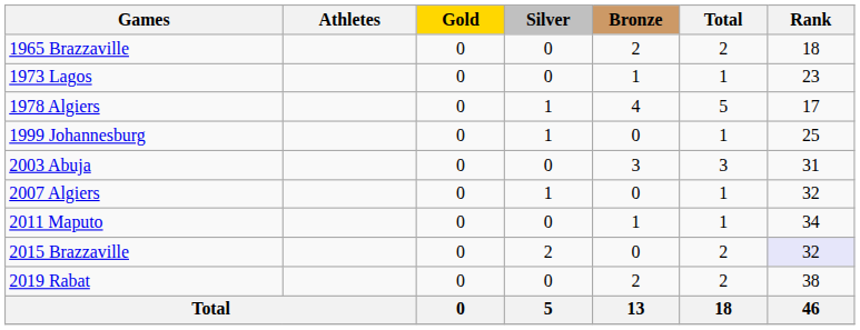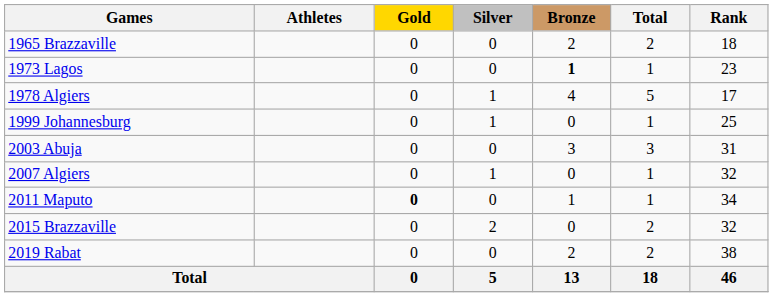 <table class="wikitable" width=55% style="font-size:90%; text-align:center;">
 <tr>
 <th>Games</th>
 <th>Athletes</th>
 <td style="background:gold; width:4.5em; font-weight:bold;">Gold</td>
 <td style="background:silver; width:4.5em; font-weight:bold;">Silver</td>
 <td style="background:#cc9966; width:4.5em; font-weight:bold;">Bronze</td>
 <th style="width:4.5em; font-weight:bold;">Total</th>
 <th style="width:4.5em; font-weight:bold;">Rank</th>
 </tr>
 <tr>
 <td align=left><a href='#'>1965 Brazzaville</a></td>
 <td></td>
 <td>0</td>
 <td>0</td>
 <td>2</td>
 <td>2</td>
 <td>18</td>
 </tr>
 <tr>
 <td align=left><a href='#'>1973 Lagos</a></td>
 <td></td>
 <td>0</td>
 <td>0</td>
-<td>1</td>
+<td><strong>1</strong></td>
 <td>1</td>
 <td>23</td>
 </tr>
 <tr>
 <td align=left><a href='#'>1978 Algiers</a></td>
 <td></td>
 <td>0</td>
 <td>1</td>
 <td>4</td>
 <td>5</td>
 <td>17</td>
 </tr>
 <tr>
 <td align=left><a href='#'>1999 Johannesburg</a></td>
 <td></td>
 <td>0</td>
 <td>1</td>
 <td>0</td>
 <td>1</td>
 <td>25</td>
 </tr>
 <tr>
 <td align=left><a href='#'>2003 Abuja</a></td>
 <td></td>
 <td>0</td>
 <td>0</td>
 <td>3</td>
 <td>3</td>
 <td>31</td>
 </tr>
 <tr>
 <td align=left><a href='#'>2007 Algiers</a></td>
 <td></td>
 <td>0</td>
 <td>1</td>
 <td>0</td>
 <td>1</td>
 <td>32</td>
 </tr>
 <tr>
 <td align=left><a href='#'>2011 Maputo</a></td>
 <td></td>
-<td>0</td>
+<td><strong>0</strong></td>
 <td>0</td>
 <td>1</td>
 <td>1</td>
 <td>34</td>
 </tr>
 <tr>
 <td align=left><a href='#'>2015 Brazzaville</a></td>
 <td></td>
 <td>0</td>
 <td>2</td>
 <td>0</td>
 <td>2</td>
-<td style="background: lavender;">32</td>
+<td>32</td>
 </tr>
 <tr>
 <td align=left><a href='#'>2019 Rabat</a></td>
 <td></td>
 <td>0</td>
 <td>0</td>
 <td>2</td>
 <td>2</td>
 <td>38</td>
 </tr>
 <tr style="width:4em;">
 <th colspan=2>Total</th>
 <th>0</th>
 <th>5</th>
 <th>13</th>
 <th>18</th>
 <th>46</th>
 </tr>
 <tr class="sortbottom">
 </tr>
 </table>
